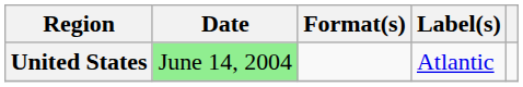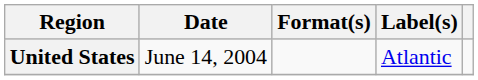 <table class="wikitable plainrowheaders">
 <tr>
 <th scope="col">Region</th>
 <th scope="col">Date</th>
 <th scope="col">Format(s)</th>
 <th scope="col">Label(s)</th>
 <th scope="col"></th>
 </tr>
 <tr>
 <th scope="row">United States</th>
-<td style="background: lightgreen;">June 14, 2004</td>
+<td>June 14, 2004</td>
 <td></td>
 <td><a href='#'>Atlantic</a></td>
 <td></td>
 </tr>
 <tr>
 </tr>
 </table>
